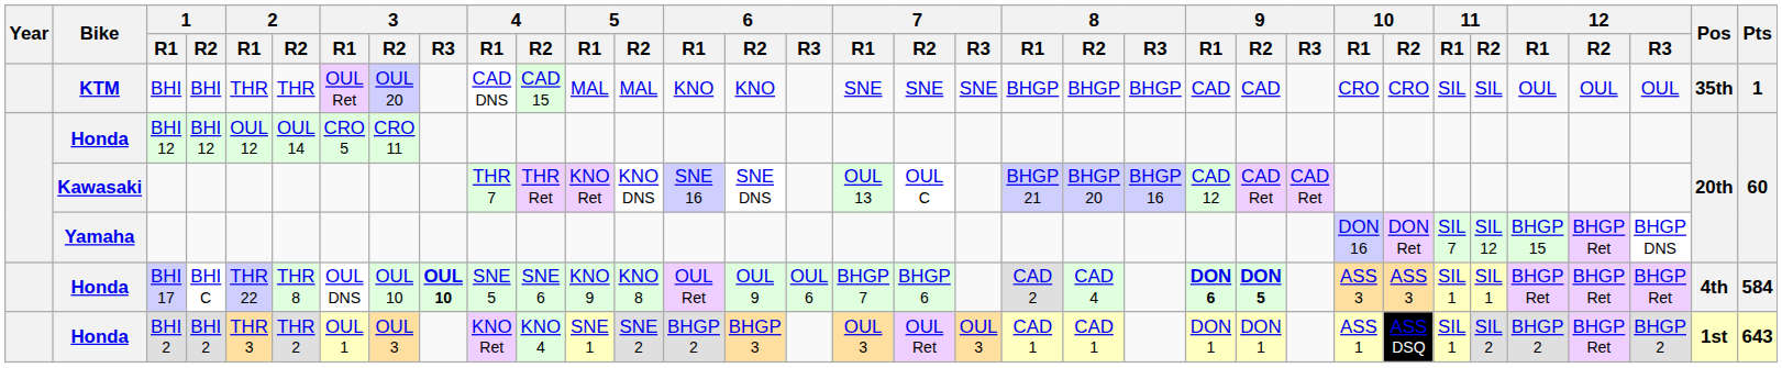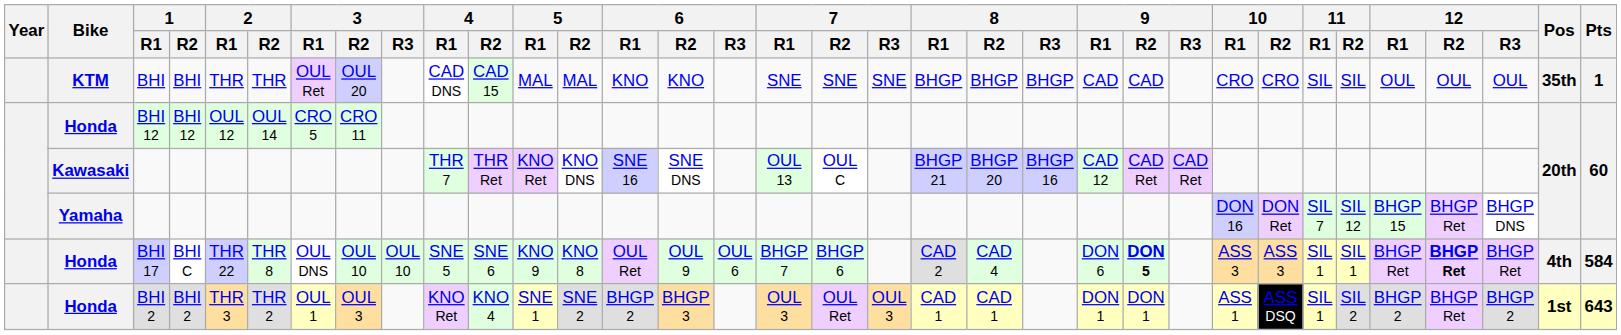 <table class="wikitable" style="text-align:center; font-size:85%;">
 <tr>
 <th rowspan="2">Year</th>
 <th rowspan="2">Bike</th>
 <th colspan="2">1</th>
 <th colspan="2">2</th>
 <th colspan="3">3</th>
 <th colspan="2">4</th>
 <th colspan="2">5</th>
 <th colspan="3">6</th>
 <th colspan="3">7</th>
 <th colspan="3">8</th>
 <th colspan="3">9</th>
 <th colspan="2">10</th>
 <th colspan="2">11</th>
 <th colspan="3">12</th>
 <th rowspan="2">Pos</th>
 <th rowspan="2">Pts</th>
 </tr>
 <tr>
 <th>R1</th>
 <th>R2</th>
 <th>R1</th>
 <th>R2</th>
 <th>R1</th>
 <th>R2</th>
 <th>R3</th>
 <th>R1</th>
 <th>R2</th>
 <th>R1</th>
 <th>R2</th>
 <th>R1</th>
 <th>R2</th>
 <th>R3</th>
 <th>R1</th>
 <th>R2</th>
 <th>R3</th>
 <th>R1</th>
 <th>R2</th>
 <th>R3</th>
 <th>R1</th>
 <th>R2</th>
 <th>R3</th>
 <th>R1</th>
 <th>R2</th>
 <th>R1</th>
 <th>R2</th>
 <th>R1</th>
 <th>R2</th>
 <th>R3</th>
 </tr>
 <tr>
 <th></th>
 <th><a href='#'>KTM</a></th>
 <td><a href='#'>BHI</a></td>
 <td><a href='#'>BHI</a></td>
 <td><a href='#'>THR</a></td>
 <td><a href='#'>THR</a></td>
 <td style="background:#EFCFFF;"><a href='#'>OUL</a><br><small>Ret</small></td>
 <td style="background:#CFCFFF;"><a href='#'>OUL</a><br><small>20</small></td>
 <td></td>
 <td style="background:#FFFFFF;"><a href='#'>CAD</a><br><small>DNS</small></td>
 <td style="background:#DFFFDF;"><a href='#'>CAD</a><br><small>15</small></td>
 <td><a href='#'>MAL</a></td>
 <td><a href='#'>MAL</a></td>
 <td><a href='#'>KNO</a></td>
 <td><a href='#'>KNO</a></td>
 <td></td>
 <td><a href='#'>SNE</a></td>
 <td><a href='#'>SNE</a></td>
 <td><a href='#'>SNE</a></td>
 <td><a href='#'>BHGP</a></td>
 <td><a href='#'>BHGP</a></td>
 <td><a href='#'>BHGP</a></td>
 <td><a href='#'>CAD</a></td>
 <td><a href='#'>CAD</a></td>
 <td></td>
 <td><a href='#'>CRO</a></td>
 <td><a href='#'>CRO</a></td>
 <td><a href='#'>SIL</a></td>
 <td><a href='#'>SIL</a></td>
 <td><a href='#'>OUL</a></td>
 <td><a href='#'>OUL</a></td>
 <td><a href='#'>OUL</a></td>
 <th>35th</th>
 <th>1</th>
 </tr>
 <tr>
 <th rowspan="3"></th>
 <th><a href='#'>Honda</a></th>
 <td style="background:#DFFFDF;"><a href='#'>BHI</a><br><small>12</small></td>
 <td style="background:#DFFFDF;"><a href='#'>BHI</a><br><small>12</small></td>
 <td style="background:#DFFFDF;"><a href='#'>OUL</a><br><small>12</small></td>
 <td style="background:#DFFFDF;"><a href='#'>OUL</a><br><small>14</small></td>
 <td style="background:#DFFFDF;"><a href='#'>CRO</a><br><small>5</small></td>
 <td style="background:#DFFFDF;"><a href='#'>CRO</a><br><small>11</small></td>
 <td></td>
 <td></td>
 <td></td>
 <td></td>
 <td></td>
 <td></td>
 <td></td>
 <td></td>
 <td></td>
 <td></td>
 <td></td>
 <td></td>
 <td></td>
 <td></td>
 <td></td>
 <td></td>
 <td></td>
 <td></td>
 <td></td>
 <td></td>
 <td></td>
 <td></td>
 <td></td>
 <td></td>
 <th rowspan="3">20th</th>
 <th rowspan="3">60</th>
 </tr>
 <tr>
 <th><a href='#'>Kawasaki</a></th>
 <td></td>
 <td></td>
 <td></td>
 <td></td>
 <td></td>
 <td></td>
 <td></td>
 <td style="background:#DFFFDF;"><a href='#'>THR</a><br><small>7</small></td>
 <td style="background:#EFCFFF;"><a href='#'>THR</a><br><small>Ret</small></td>
 <td style="background:#EFCFFF;"><a href='#'>KNO</a><br><small>Ret</small></td>
 <td style="background:#FFFFFF;"><a href='#'>KNO</a><br><small>DNS</small></td>
 <td style="background:#CFCFFF;"><a href='#'>SNE</a><br><small>16</small></td>
 <td style="background:#FFFFFF;"><a href='#'>SNE</a><br><small>DNS</small></td>
 <td></td>
 <td style="background:#DFFFDF;"><a href='#'>OUL</a><br><small>13</small></td>
 <td style="background:#FFFFFF;"><a href='#'>OUL</a><br><small>C</small></td>
 <td></td>
 <td style="background:#CFCFFF;"><a href='#'>BHGP</a><br><small>21</small></td>
 <td style="background:#CFCFFF;"><a href='#'>BHGP</a><br><small>20</small></td>
 <td style="background:#CFCFFF;"><a href='#'>BHGP</a><br><small>16</small></td>
 <td style="background:#DFFFDF;"><a href='#'>CAD</a><br><small>12</small></td>
 <td style="background:#EFCFFF;"><a href='#'>CAD</a><br><small>Ret</small></td>
 <td style="background:#EFCFFF;"><a href='#'>CAD</a><br><small>Ret</small></td>
 <td></td>
 <td></td>
 <td></td>
 <td></td>
 <td></td>
 <td></td>
 <td></td>
 </tr>
 <tr>
 <th><a href='#'>Yamaha</a></th>
 <td></td>
 <td></td>
 <td></td>
 <td></td>
 <td></td>
 <td></td>
 <td></td>
 <td></td>
 <td></td>
 <td></td>
 <td></td>
 <td></td>
 <td></td>
 <td></td>
 <td></td>
 <td></td>
 <td></td>
 <td></td>
 <td></td>
 <td></td>
 <td></td>
 <td></td>
 <td></td>
 <td style="background:#CFCFFF;"><a href='#'>DON</a><br><small>16</small></td>
 <td style="background:#EFCFFF;"><a href='#'>DON</a><br><small>Ret</small></td>
 <td style="background:#DFFFDF;"><a href='#'>SIL</a><br><small>7</small></td>
 <td style="background:#DFFFDF;"><a href='#'>SIL</a><br><small>12</small></td>
 <td style="background:#DFFFDF;"><a href='#'>BHGP</a><br><small>15</small></td>
 <td style="background:#EFCFFF;"><a href='#'>BHGP</a><br><small>Ret</small></td>
 <td style="background:#FFFFFF;"><a href='#'>BHGP</a><br><small>DNS</small></td>
 </tr>
 <tr>
 <th></th>
 <th><a href='#'>Honda</a></th>
 <td style="background:#CFCFFF;"><a href='#'>BHI</a><br><small>17</small></td>
 <td style="background:#FFFFFF;"><a href='#'>BHI</a><br><small>C</small></td>
 <td style="background:#CFCFFF;"><a href='#'>THR</a><br><small>22</small></td>
 <td style="background:#DFFFDF;"><a href='#'>THR</a><br><small>8</small></td>
 <td style="background:#FFFFFF;"><a href='#'>OUL</a><br><small>DNS</small></td>
 <td style="background:#DFFFDF;"><a href='#'>OUL</a><br><small>10</small></td>
-<td style="background:#DFFFDF;"><strong><a href='#'>OUL</a><br><small>10</small></strong></td>
+<td style="background:#DFFFDF;"><a href='#'>OUL</a><br><small>10</small></td>
 <td style="background:#DFFFDF;"><a href='#'>SNE</a><br><small>5</small></td>
 <td style="background:#DFFFDF;"><a href='#'>SNE</a><br><small>6</small></td>
 <td style="background:#DFFFDF;"><a href='#'>KNO</a><br><small>9</small></td>
 <td style="background:#DFFFDF;"><a href='#'>KNO</a><br><small>8</small></td>
 <td style="background:#EFCFFF;"><a href='#'>OUL</a><br><small>Ret</small></td>
 <td style="background:#DFFFDF;"><a href='#'>OUL</a><br><small>9</small></td>
 <td style="background:#DFFFDF;"><a href='#'>OUL</a><br><small>6</small></td>
 <td style="background:#DFFFDF;"><a href='#'>BHGP</a><br><small>7</small></td>
 <td style="background:#DFFFDF;"><a href='#'>BHGP</a><br><small>6</small></td>
 <td></td>
 <td style="background:#DFDFDF;"><a href='#'>CAD</a><br><small>2</small></td>
 <td style="background:#DFFFDF;"><a href='#'>CAD</a><br><small>4</small></td>
 <td></td>
-<td style="background:#DFFFDF;"><strong><a href='#'>DON</a><br><small>6</small></strong></td>
+<td style="background:#DFFFDF;"><a href='#'>DON</a><br><small>6</small></td>
 <td style="background:#DFFFDF;"><strong><a href='#'>DON</a><br><small>5</small></strong></td>
 <td></td>
 <td style="background:#FFDF9F;"><a href='#'>ASS</a><br><small>3</small></td>
 <td style="background:#FFDF9F;"><a href='#'>ASS</a><br><small>3</small></td>
 <td style="background:#FFFFBF;"><a href='#'>SIL</a><br><small>1</small></td>
 <td style="background:#FFFFBF;"><a href='#'>SIL</a><br><small>1</small></td>
 <td style="background:#EFCFFF;"><a href='#'>BHGP</a><br><small>Ret</small></td>
-<td style="background:#EFCFFF;"><a href='#'>BHGP</a><br><small>Ret</small></td>
+<td style="background:#EFCFFF;"><strong><a href='#'>BHGP</a><br><small>Ret</small></strong></td>
 <td style="background:#EFCFFF;"><a href='#'>BHGP</a><br><small>Ret</small></td>
 <th>4th</th>
 <th>584</th>
 </tr>
 <tr>
 <th></th>
 <th><a href='#'>Honda</a></th>
 <td style="background:#DFDFDF;"><a href='#'>BHI</a><br><small>2</small></td>
 <td style="background:#DFDFDF;"><a href='#'>BHI</a><br><small>2</small></td>
 <td style="background:#FFDF9F;"><a href='#'>THR</a><br><small>3</small></td>
 <td style="background:#DFDFDF;"><a href='#'>THR</a><br><small>2</small></td>
 <td style="background:#FFFFBF;"><a href='#'>OUL</a><br><small>1</small></td>
 <td style="background:#FFDF9F;"><a href='#'>OUL</a><br><small>3</small></td>
 <td></td>
 <td style="background:#EFCFFF;"><a href='#'>KNO</a><br><small>Ret</small></td>
 <td style="background:#DFFFDF;"><a href='#'>KNO</a><br><small>4</small></td>
 <td style="background:#FFFFBF;"><a href='#'>SNE</a><br><small>1</small></td>
 <td style="background:#DFDFDF;"><a href='#'>SNE</a><br><small>2</small></td>
 <td style="background:#DFDFDF;"><a href='#'>BHGP</a><br><small>2</small></td>
 <td style="background:#FFDF9F;"><a href='#'>BHGP</a><br><small>3</small></td>
 <td></td>
 <td style="background:#FFDF9F;"><a href='#'>OUL</a><br><small>3</small></td>
 <td style="background:#EFCFFF;"><a href='#'>OUL</a><br><small>Ret</small></td>
 <td style="background:#FFDF9F;"><a href='#'>OUL</a><br><small>3</small></td>
 <td style="background:#FFFFBF;"><a href='#'>CAD</a><br><small>1</small></td>
 <td style="background:#FFFFBF;"><a href='#'>CAD</a><br><small>1</small></td>
 <td></td>
 <td style="background:#FFFFBF;"><a href='#'>DON</a><br><small>1</small></td>
 <td style="background:#FFFFBF;"><a href='#'>DON</a><br><small>1</small></td>
 <td></td>
 <td style="background:#FFFFBF;"><a href='#'>ASS</a><br><small>1</small></td>
 <td style="background:#000000; color:#FFFFFF;"><a href='#'><span>ASS</span></a><br><small>DSQ</small></td>
 <td style="background:#FFFFBF;"><a href='#'>SIL</a><br><small>1</small></td>
 <td style="background:#DFDFDF;"><a href='#'>SIL</a><br><small>2</small></td>
 <td style="background:#DFDFDF;"><a href='#'>BHGP</a><br><small>2</small></td>
 <td style="background:#EFCFFF;"><a href='#'>BHGP</a><br><small>Ret</small></td>
 <td style="background:#DFDFDF;"><a href='#'>BHGP</a><br><small>2</small></td>
 <th style="background:#FFFFBF;">1st</th>
 <th style="background:#FFFFBF;">643</th>
 </tr>
 </table>
